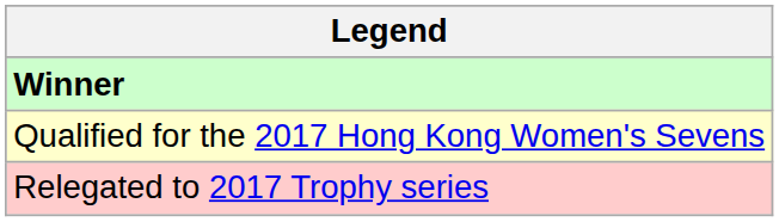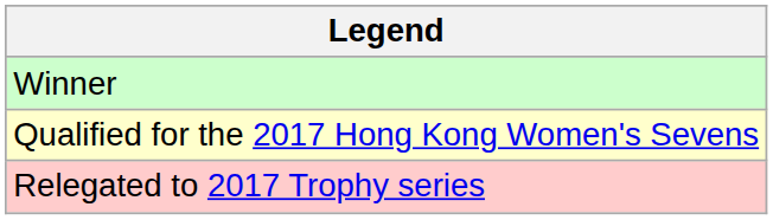 <table class="wikitable">
 <tr>
 <th>Legend</th>
 </tr>
 <tr bgcolor=ccffcc>
-<td><strong>Winner</strong></td>
+<td>Winner</td>
 </tr>
 <tr bgcolor=ffffcc>
 <td>Qualified for the <a href='#'>2017 Hong Kong Women's Sevens</a></td>
 </tr>
 <tr bgcolor=ffcccc>
 <td>Relegated to <a href='#'>2017 Trophy series</a></td>
 </tr>
 </table>
